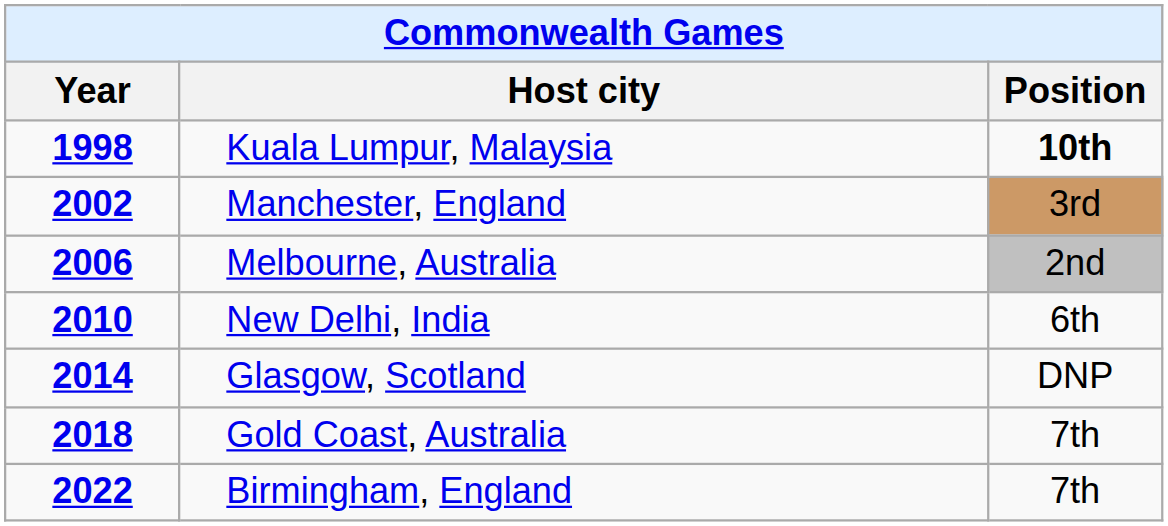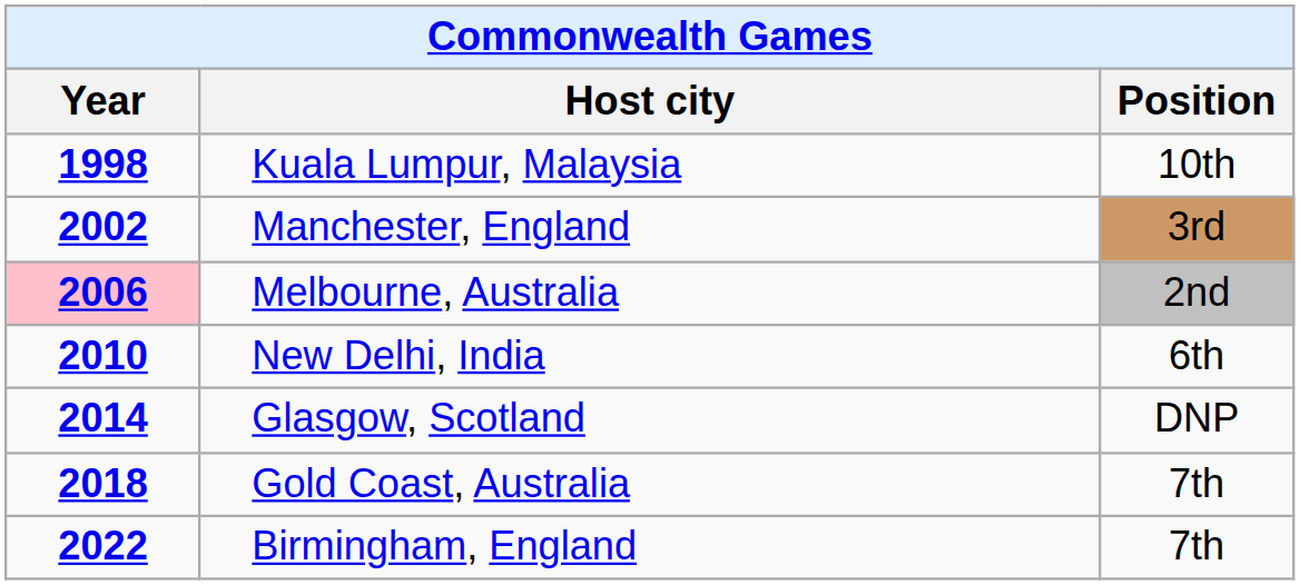 <table class="wikitable" style="text-align: center;">
 <tr>
 <th colspan=3 style="background-color: #ddeeff;"><a href='#'>Commonwealth Games</a></th>
 </tr>
 <tr>
 <th style="width: 70px;">Year</th>
 <th style="width: 350px;">Host city</th>
 <th style="width: 70px;">Position</th>
 </tr>
 <tr>
 <td><strong><a href='#'>1998</a></strong></td>
 <td style="text-align: left; padding-left: 20px;"> <a href='#'>Kuala Lumpur</a>, <a href='#'>Malaysia</a></td>
-<td><strong>10th</strong></td>
+<td>10th</td>
 </tr>
 <tr>
 <td><strong><a href='#'>2002</a></strong></td>
 <td style="text-align: left; padding-left: 20px;"> <a href='#'>Manchester</a>, <a href='#'>England</a></td>
 <td style="background-color: #cc9966">3rd</td>
 </tr>
 <tr>
-<td><strong><a href='#'>2006</a></strong></td>
+<td style="background: pink;"><strong><a href='#'>2006</a></strong></td>
 <td style="text-align: left; padding-left: 20px;"> <a href='#'>Melbourne</a>, <a href='#'>Australia</a></td>
 <td style="background-color: silver">2nd</td>
 </tr>
 <tr>
 <td><strong><a href='#'>2010</a></strong></td>
 <td style="text-align: left; padding-left: 20px;"> <a href='#'>New Delhi</a>, <a href='#'>India</a></td>
 <td>6th</td>
 </tr>
 <tr>
 <td><strong><a href='#'>2014</a></strong></td>
 <td style="text-align: left; padding-left: 20px;"> <a href='#'>Glasgow</a>, <a href='#'>Scotland</a></td>
 <td>DNP</td>
 </tr>
 <tr>
 <td><strong><a href='#'>2018</a></strong></td>
 <td style="text-align: left; padding-left: 20px;"> <a href='#'>Gold Coast</a>, <a href='#'>Australia</a></td>
 <td>7th</td>
 </tr>
 <tr>
 <td><strong><a href='#'>2022</a></strong></td>
 <td style="text-align: left; padding-left: 20px;"> <a href='#'>Birmingham</a>, <a href='#'>England</a></td>
 <td>7th</td>
 </tr>
 </table>
